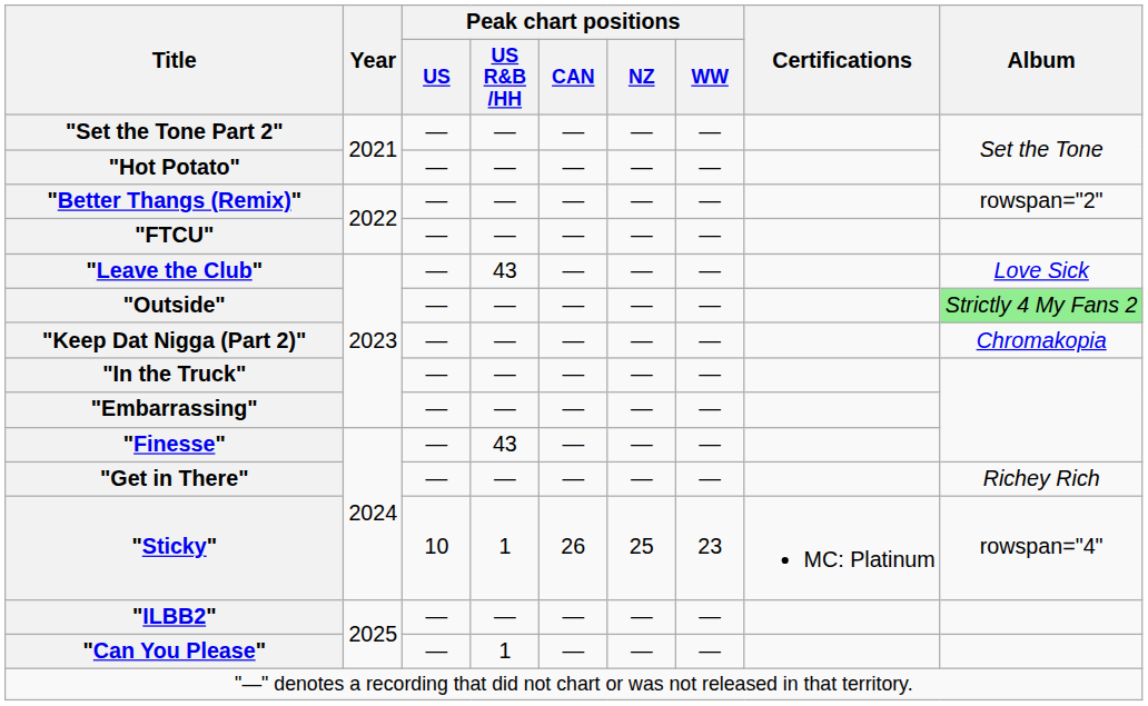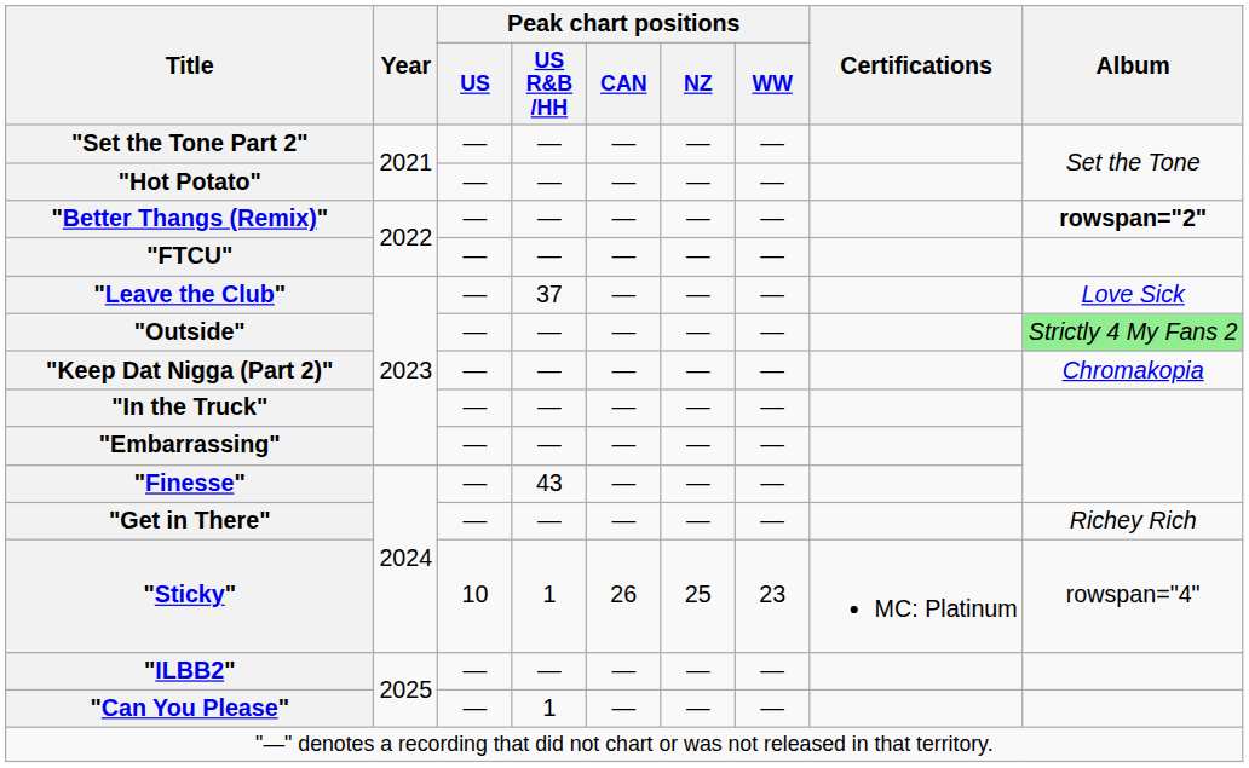 <table class="wikitable plainrowheaders" style="text-align:center;">
 <tr>
 <th scope="col" style="width:15em;" rowspan="2">Title</th>
 <th scope="col" rowspan="2">Year</th>
 <th scope="col" colspan="5">Peak chart positions</th>
 <th scope="col" rowspan="2">Certifications</th>
 <th scope="col" rowspan="2">Album</th>
 </tr>
 <tr>
 <th scope="col" style="width:3em;font-size:90%;"><a href='#'>US</a><br></th>
 <th scope="col" style="width:3em;font-size:90%;"><a href='#'>US<br>R&B<br>/HH</a><br></th>
 <th scope="col" style="width:3em;font-size:90%;"><a href='#'>CAN</a><br></th>
 <th scope="col" style="width:3em;font-size:90%;"><a href='#'>NZ</a><br></th>
 <th scope="col" style="width:3em;font-size:90%;"><a href='#'>WW</a><br></th>
 </tr>
 <tr>
 <th scope="row">"Set the Tone Part 2"<br></th>
 <td rowspan="2">2021</td>
 <td>—</td>
 <td>—</td>
 <td>—</td>
 <td>—</td>
 <td>—</td>
 <td></td>
 <td rowspan="2"><em>Set the Tone</em></td>
 </tr>
 <tr>
 <th scope="row">"Hot Potato"<br></th>
 <td>—</td>
 <td>—</td>
 <td>—</td>
 <td>—</td>
 <td>—</td>
 <td></td>
 </tr>
 <tr>
 <th scope="row">"<a href='#'>Better Thangs (Remix)</a>"<br></th>
 <td rowspan="2">2022</td>
 <td>—</td>
 <td>—</td>
 <td>—</td>
 <td>—</td>
 <td>—</td>
 <td></td>
-<td>rowspan="2" </td>
+<td><strong>rowspan="2" </strong></td>
 </tr>
 <tr>
 <th scope="row">"FTCU"<br></th>
 <td>—</td>
 <td>—</td>
 <td>—</td>
 <td>—</td>
 <td>—</td>
 <td></td>
 </tr>
 <tr>
 <th scope="row">"<a href='#'>Leave the Club</a>"<br></th>
 <td rowspan="5">2023</td>
 <td>—</td>
-<td>43</td>
+<td>37</td>
 <td>—</td>
 <td>—</td>
 <td>—</td>
 <td></td>
 <td><em><a href='#'>Love Sick</a></em></td>
 </tr>
 <tr>
 <th scope="row">"Outside"<br></th>
 <td>—</td>
 <td>—</td>
 <td>—</td>
 <td>—</td>
 <td>—</td>
 <td></td>
 <td style="background: lightgreen;"><em>Strictly 4 My Fans 2</em></td>
 </tr>
 <tr>
 <th scope="row">"Keep Dat Nigga (Part 2)"<br></th>
 <td>—</td>
 <td>—</td>
 <td>—</td>
 <td>—</td>
 <td>—</td>
 <td></td>
 <td><em><a href='#'>Chromakopia</a></em></td>
 </tr>
 <tr>
 <th scope="row">"In the Truck"<br></th>
 <td>—</td>
 <td>—</td>
 <td>—</td>
 <td>—</td>
 <td>—</td>
 <td></td>
 </tr>
 <tr>
 <th scope="row">"Embarrassing"<br></th>
 <td>—</td>
 <td>—</td>
 <td>—</td>
 <td>—</td>
 <td>—</td>
 <td></td>
 </tr>
 <tr>
 <th scope="row">"<a href='#'>Finesse</a>"<br></th>
 <td rowspan="3">2024</td>
 <td>—</td>
 <td>43</td>
 <td>—</td>
 <td>—</td>
 <td>—</td>
 <td></td>
 </tr>
 <tr>
 <th scope="row">"Get in There"<br></th>
 <td>—</td>
 <td>—</td>
 <td>—</td>
 <td>—</td>
 <td>—</td>
 <td></td>
 <td><em>Richey Rich</em></td>
 </tr>
 <tr>
 <th scope="row">"<a href='#'>Sticky</a>"<br></th>
 <td>10</td>
 <td>1</td>
 <td>26</td>
 <td>25</td>
 <td>23</td>
 <td><br><ul><li>MC: Platinum</li></ul></td>
 <td>rowspan="4" </td>
 </tr>
 <tr>
 <th scope="row">"<a href='#'>ILBB2</a>"<br></th>
 <td rowspan="2">2025</td>
 <td>—</td>
 <td>—</td>
 <td>—</td>
 <td>—</td>
 <td>—</td>
 <td></td>
 <td></td>
 </tr>
 <tr>
 <th scope="row">"<a href='#'>Can You Please</a>"<br></th>
 <td>—</td>
 <td>1</td>
 <td>—</td>
 <td>—</td>
 <td>—</td>
 <td></td>
 <td></td>
 </tr>
 <tr>
 <td colspan="9" style="font-size:90%">"—" denotes a recording that did not chart or was not released in that territory.</td>
 </tr>
 </table>
